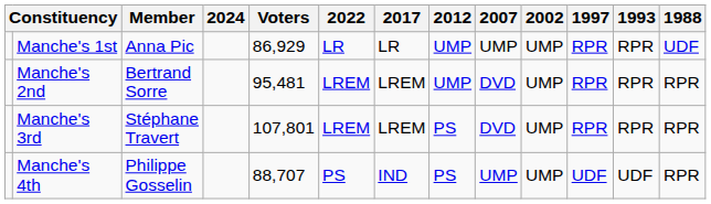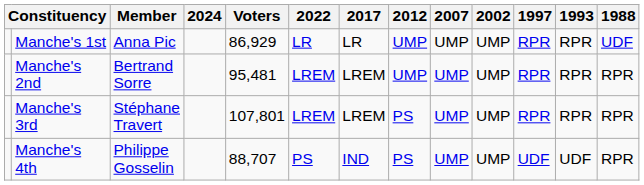 <table class="wikitable sortable">
 <tr>
 <th colspan="2">Constituency</th>
 <th>Member</th>
 <th>2024</th>
 <th>Voters</th>
 <th>2022</th>
 <th>2017</th>
 <th>2012</th>
 <th>2007</th>
 <th>2002</th>
 <th>1997</th>
 <th>1993</th>
 <th>1988</th>
 </tr>
 <tr>
 <td style="background-color: "></td>
 <td><a href='#'>Manche's 1st</a></td>
 <td><a href='#'>Anna Pic</a></td>
 <td></td>
 <td>86,929</td>
 <td><a href='#'>LR</a></td>
 <td>LR</td>
 <td><a href='#'>UMP</a></td>
 <td>UMP</td>
 <td>UMP</td>
 <td><a href='#'>RPR</a></td>
 <td>RPR</td>
 <td><a href='#'>UDF</a></td>
 </tr>
 <tr>
 <td style="background-color: "></td>
 <td><a href='#'>Manche's 2nd</a></td>
 <td><a href='#'>Bertrand Sorre</a></td>
 <td></td>
 <td>95,481</td>
 <td><a href='#'>LREM</a></td>
 <td>LREM</td>
 <td><a href='#'>UMP</a></td>
-<td><a href='#'>DVD</a></td>
+<td><a href='#'>UMP</a></td>
 <td>UMP</td>
 <td><a href='#'>RPR</a></td>
 <td>RPR</td>
 <td>RPR</td>
 </tr>
 <tr>
 <td style="background-color: "></td>
 <td><a href='#'>Manche's 3rd</a></td>
 <td><a href='#'>Stéphane Travert</a></td>
 <td></td>
 <td>107,801</td>
 <td><a href='#'>LREM</a></td>
 <td>LREM</td>
 <td><a href='#'>PS</a></td>
-<td><a href='#'>DVD</a></td>
+<td><a href='#'>UMP</a></td>
 <td>UMP</td>
 <td><a href='#'>RPR</a></td>
 <td>RPR</td>
 <td>RPR</td>
 </tr>
 <tr>
 <td style="background-color: "></td>
 <td><a href='#'>Manche's 4th</a></td>
 <td><a href='#'>Philippe Gosselin</a></td>
 <td></td>
 <td>88,707</td>
 <td><a href='#'>PS</a></td>
 <td><a href='#'>IND</a></td>
 <td><a href='#'>PS</a></td>
 <td><a href='#'>UMP</a></td>
 <td>UMP</td>
 <td><a href='#'>UDF</a></td>
 <td>UDF</td>
 <td>RPR</td>
 </tr>
 </table>
